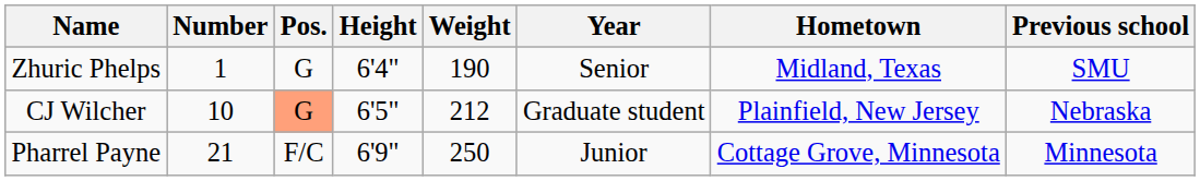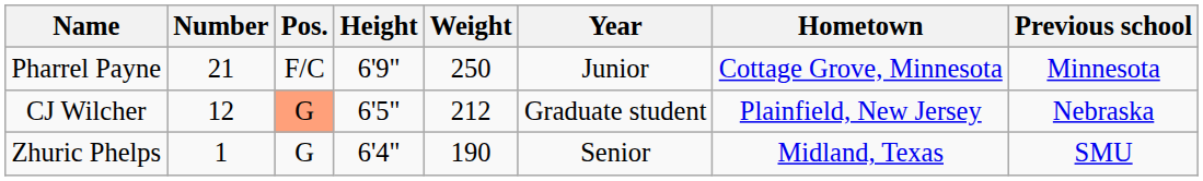 <table class="wikitable sortable" style="text-align:center">
 <tr align=center>
 <th>Name</th>
 <th>Number</th>
 <th>Pos.</th>
 <th>Height</th>
 <th>Weight</th>
 <th>Year</th>
 <th>Hometown</th>
 <th class="unsortable">Previous school</th>
 </tr>
 <tr>
+<td>Pharrel Payne</td>
+<td>21</td>
+<td>F/C</td>
+<td>6'9"</td>
+<td>250</td>
+<td>Junior</td>
+<td><a href='#'>Cottage Grove, Minnesota</a></td>
+<td><a href='#'>Minnesota</a></td>
+</tr>
+<tr>
+<td>CJ Wilcher</td>
+<td>12</td>
+<td style="background: lightsalmon;">G</td>
+<td>6'5"</td>
+<td>212</td>
+<td>Graduate student</td>
+<td><a href='#'>Plainfield, New Jersey</a></td>
+<td><a href='#'>Nebraska</a></td>
+</tr>
+<tr>
 <td>Zhuric Phelps</td>
 <td>1</td>
 <td>G</td>
 <td>6'4"</td>
 <td>190</td>
 <td>Senior</td>
 <td><a href='#'>Midland, Texas</a></td>
 <td><a href='#'>SMU</a></td>
 </tr>
-<tr>
-<td>CJ Wilcher</td>
-<td>10</td>
-<td style="background: lightsalmon;">G</td>
-<td>6'5"</td>
-<td>212</td>
-<td>Graduate student</td>
-<td><a href='#'>Plainfield, New Jersey</a></td>
-<td><a href='#'>Nebraska</a></td>
-</tr>
-<tr>
-<td>Pharrel Payne</td>
-<td>21</td>
-<td>F/C</td>
-<td>6'9"</td>
-<td>250</td>
-<td>Junior</td>
-<td><a href='#'>Cottage Grove, Minnesota</a></td>
-<td><a href='#'>Minnesota</a></td>
-</tr>
 </table>
